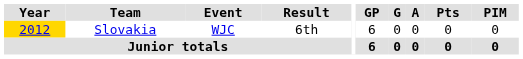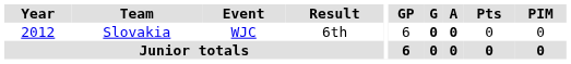 <table border="0" cellpadding="1" cellspacing="0" ID="Table3" style="text-align:center; width:40em">
 <tr ALIGN="center" bgcolor="#e0e0e0">
 <th>Year</th>
 <th>Team</th>
 <th>Event</th>
 <th>Result</th>
 <th rowspan="99" bgcolor="#ffffff"></th>
 <th>GP</th>
 <th>G</th>
 <th>A</th>
 <th>Pts</th>
 <th>PIM</th>
 </tr>
 <tr>
-<td style="background: gold;"><a href='#'>2012</a></td>
+<td><a href='#'>2012</a></td>
 <td><a href='#'>Slovakia</a></td>
 <td><a href='#'>WJC</a></td>
 <td>6th</td>
 <td>6</td>
-<td>0</td>
-<td>0</td>
+<td><strong>0</strong></td>
+<td><strong>0</strong></td>
 <td>0</td>
 <td>0</td>
 </tr>
 <tr bgcolor="#e0e0e0">
 <th colspan="4">Junior totals</th>
 <th>6</th>
 <th>0</th>
 <th>0</th>
 <th>0</th>
 <th>0</th>
 </tr>
 </table>
